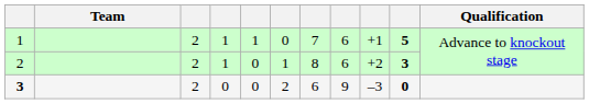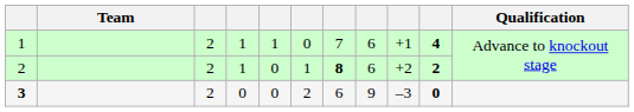 <table class="wikitable" style="text-align: center;">
 <tr>
 <th width="25"></th>
 <th width="150">Team</th>
 <th width="25"></th>
 <th width="25"></th>
 <th width="25"></th>
 <th width="25"></th>
 <th width="25"></th>
 <th width="25"></th>
 <th width="25"></th>
 <th width="25"></th>
 <th width="170">Qualification</th>
 </tr>
 <tr align=center style="background:#ccffcc;">
 <td>1</td>
 <td style="text-align:left;"></td>
 <td>2</td>
 <td>1</td>
 <td>1</td>
 <td>0</td>
 <td>7</td>
 <td>6</td>
 <td>+1</td>
-<td><strong>5</strong></td>
+<td><strong>4</strong></td>
 <td rowspan="2">Advance to <a href='#'>knockout stage</a></td>
 </tr>
 <tr align=center style="background:#ccffcc;">
 <td>2</td>
 <td style="text-align:left;"></td>
 <td>2</td>
 <td>1</td>
 <td>0</td>
 <td>1</td>
-<td>8</td>
+<td><strong>8</strong></td>
 <td>6</td>
 <td>+2</td>
-<td><strong>3</strong></td>
+<td><strong>2</strong></td>
 </tr>
 <tr align=center style="background:#f5f5f5;">
 <td><strong>3</strong></td>
 <td style="text-align:left;"></td>
 <td>2</td>
 <td>0</td>
 <td>0</td>
 <td>2</td>
 <td>6</td>
 <td>9</td>
 <td>–3</td>
 <td><strong>0</strong></td>
 <td></td>
 </tr>
 </table>
